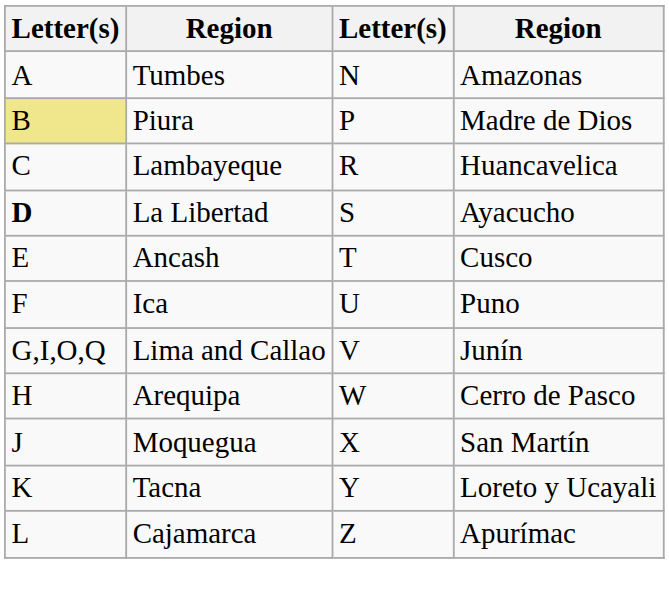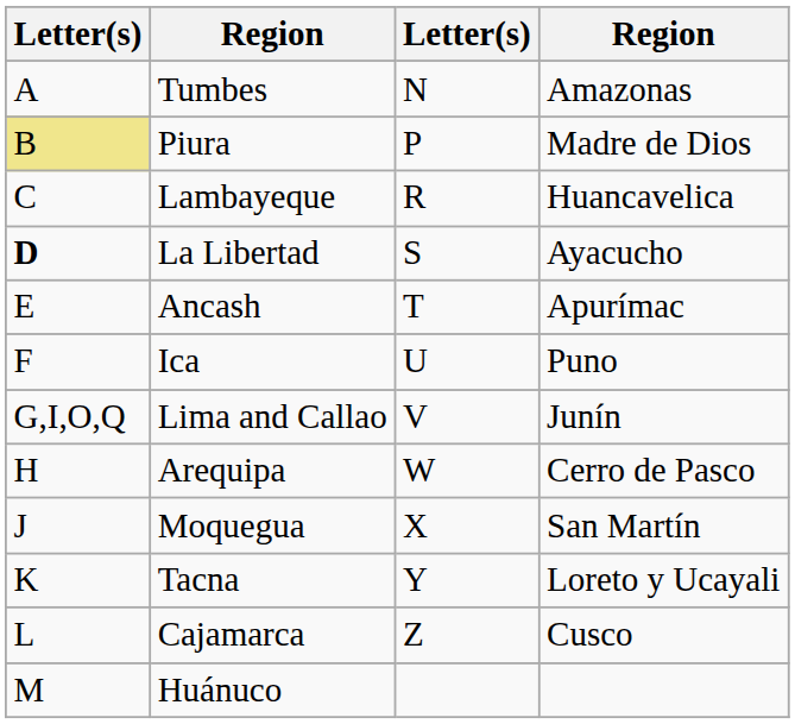 <table class="wikitable collapsible sortable" style="display:inline-table;">
 <tr>
 <th>Letter(s)</th>
 <th>Region</th>
 <th>Letter(s)</th>
 <th>Region</th>
 </tr>
 <tr>
 <td>A</td>
 <td>Tumbes</td>
 <td>N</td>
 <td>Amazonas</td>
 </tr>
 <tr>
 <td style="background: khaki;">B</td>
 <td>Piura</td>
 <td>P</td>
 <td>Madre de Dios</td>
 </tr>
 <tr>
 <td>C</td>
 <td>Lambayeque</td>
 <td>R</td>
 <td>Huancavelica</td>
 </tr>
 <tr>
 <td><strong>D</strong></td>
 <td>La Libertad</td>
 <td>S</td>
 <td>Ayacucho</td>
 </tr>
 <tr>
 <td>E</td>
 <td>Ancash</td>
 <td>T</td>
-<td>Cusco</td>
+<td>Apurímac</td>
 </tr>
 <tr>
 <td>F</td>
 <td>Ica</td>
 <td>U</td>
 <td>Puno</td>
 </tr>
 <tr>
 <td>G,I,O,Q</td>
 <td>Lima and Callao</td>
 <td>V</td>
 <td>Junín</td>
 </tr>
 <tr>
 <td>H</td>
 <td>Arequipa</td>
 <td>W</td>
 <td>Cerro de Pasco</td>
 </tr>
 <tr>
 <td>J</td>
 <td>Moquegua</td>
 <td>X</td>
 <td>San Martín</td>
 </tr>
 <tr>
 <td>K</td>
 <td>Tacna</td>
 <td>Y</td>
 <td>Loreto y Ucayali</td>
 </tr>
 <tr>
 <td>L</td>
 <td>Cajamarca</td>
 <td>Z</td>
-<td>Apurímac</td>
+<td>Cusco</td>
+</tr>
+<tr>
+<td>M</td>
+<td>Huánuco</td>
+<td></td>
+<td></td>
 </tr>
 </table>
